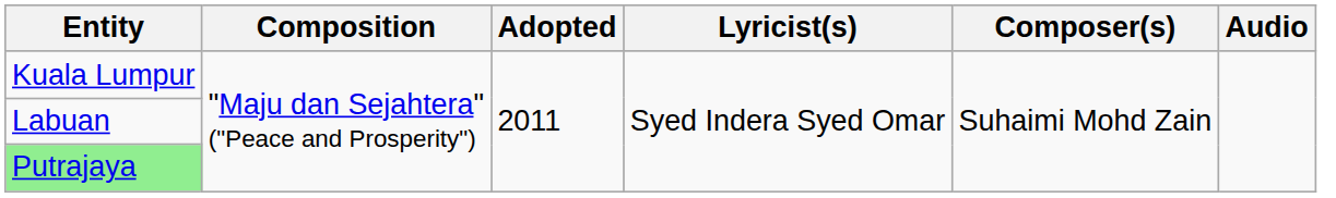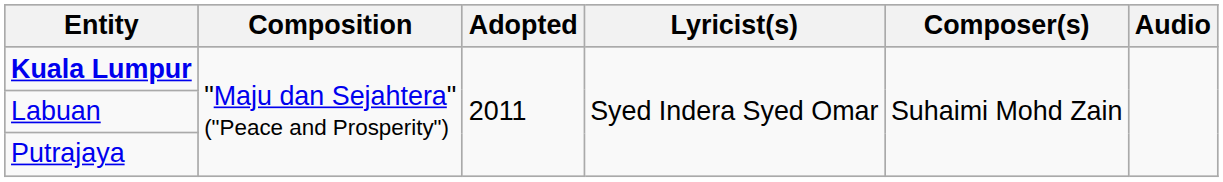 <table class="wikitable">
 <tr>
 <th scope=col>Entity</th>
 <th scope=col>Composition</th>
 <th scope=col>Adopted</th>
 <th scope=col>Lyricist(s)</th>
 <th scope=col>Composer(s)</th>
 <th scope=col>Audio</th>
 </tr>
 <tr>
-<td scope=row> <a href='#'>Kuala Lumpur</a></td>
+<td scope=row><strong> <a href='#'>Kuala Lumpur</a></strong></td>
 <td rowspan=3>"<a href='#'>Maju dan Sejahtera</a>"<br><small>("Peace and Prosperity")</small></td>
 <td rowspan=3>2011</td>
 <td rowspan=3>Syed Indera Syed Omar</td>
 <td rowspan=3>Suhaimi Mohd Zain</td>
 <td rowspan=3></td>
 </tr>
 <tr>
 <td scope=row> <a href='#'>Labuan</a></td>
 </tr>
 <tr>
-<td scope=row style="background: lightgreen;"> <a href='#'>Putrajaya</a></td>
+<td scope=row> <a href='#'>Putrajaya</a></td>
 </tr>
 </table>
